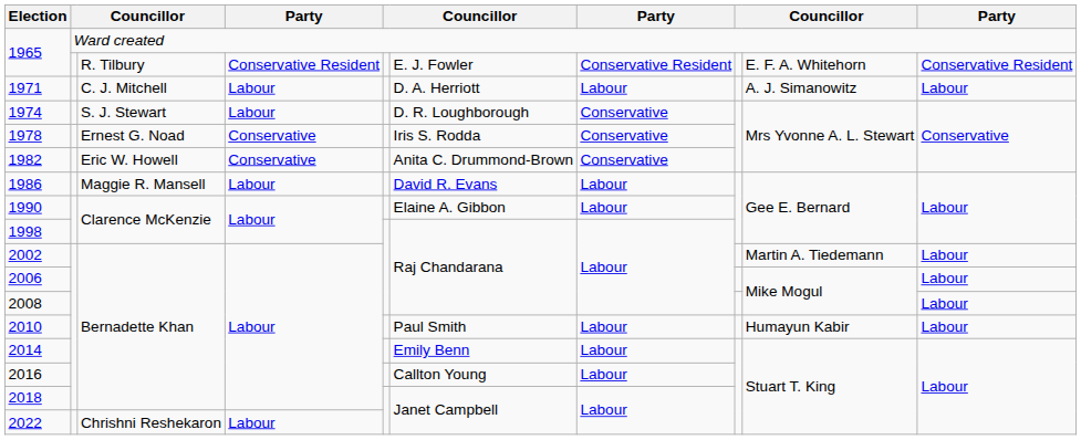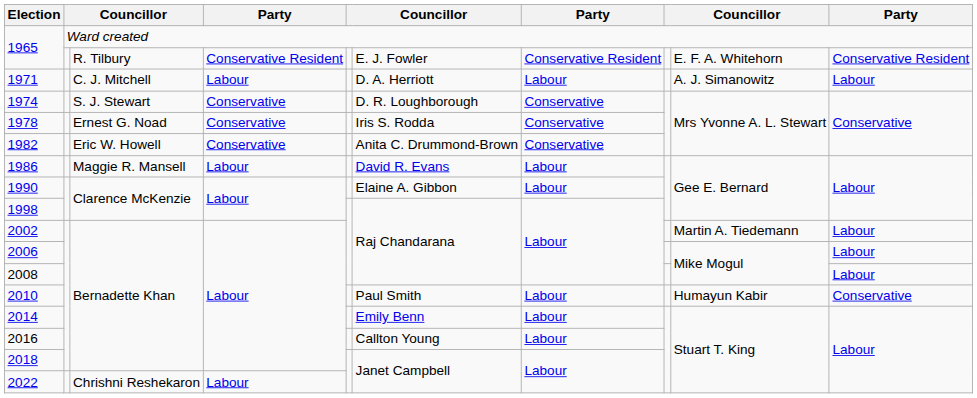 <table class="wikitable">
 <tr>
 <th>Election</th>
 <th colspan="2">Councillor</th>
 <th>Party</th>
 <th colspan="2">Councillor</th>
 <th>Party</th>
 <th colspan="2">Councillor</th>
 <th>Party</th>
 </tr>
 <tr>
 <td rowspan="2"><a href='#'>1965</a></td>
 <td colspan="13"><em>Ward created</em></td>
 </tr>
 <tr>
 <td style="background-color: "></td>
 <td>R. Tilbury</td>
 <td><a href='#'>Conservative Resident</a></td>
 <td style="background-color: "></td>
 <td>E. J. Fowler</td>
 <td><a href='#'>Conservative Resident</a></td>
 <td style="background-color: "></td>
 <td>E. F. A. Whitehorn</td>
 <td><a href='#'>Conservative Resident</a></td>
 </tr>
 <tr>
 <td><a href='#'>1971</a></td>
 <td style="background-color: "></td>
 <td>C. J. Mitchell</td>
 <td><a href='#'>Labour</a></td>
 <td style="background-color: "></td>
 <td>D. A. Herriott</td>
 <td><a href='#'>Labour</a></td>
 <td style="background-color: "></td>
 <td>A. J. Simanowitz</td>
 <td><a href='#'>Labour</a></td>
 </tr>
 <tr>
 <td><a href='#'>1974</a></td>
 <td style="background-color: "></td>
 <td>S. J. Stewart</td>
-<td><a href='#'>Labour</a></td>
+<td><a href='#'>Conservative</a></td>
 <td style="background-color: "></td>
 <td>D. R. Loughborough</td>
 <td><a href='#'>Conservative</a></td>
 <td rowspan="3" style="background-color: "></td>
 <td rowspan="3">Mrs Yvonne A. L. Stewart</td>
 <td rowspan="3"><a href='#'>Conservative</a></td>
 </tr>
 <tr>
 <td><a href='#'>1978</a></td>
 <td style="background-color: "></td>
 <td>Ernest G. Noad</td>
 <td><a href='#'>Conservative</a></td>
 <td style="background-color: "></td>
 <td>Iris S. Rodda</td>
 <td><a href='#'>Conservative</a></td>
 </tr>
 <tr>
 <td><a href='#'>1982</a></td>
 <td style="background-color: "></td>
 <td>Eric W. Howell</td>
 <td><a href='#'>Conservative</a></td>
 <td style="background-color: "></td>
 <td>Anita C. Drummond-Brown</td>
 <td><a href='#'>Conservative</a></td>
 </tr>
 <tr>
 <td><a href='#'>1986</a></td>
 <td style="background-color: "></td>
 <td>Maggie R. Mansell</td>
 <td><a href='#'>Labour</a></td>
 <td style="background-color: "></td>
 <td><a href='#'>David R. Evans</a></td>
 <td><a href='#'>Labour</a></td>
 <td rowspan="3" style="background-color: "></td>
 <td rowspan="3">Gee E. Bernard</td>
 <td rowspan="3"><a href='#'>Labour</a></td>
 </tr>
 <tr>
 <td><a href='#'>1990</a></td>
 <td rowspan="2" style="background-color: "></td>
 <td rowspan="2">Clarence McKenzie</td>
 <td rowspan="2"><a href='#'>Labour</a></td>
 <td style="background-color: "></td>
 <td>Elaine A. Gibbon</td>
 <td><a href='#'>Labour</a></td>
 </tr>
 <tr>
 <td><a href='#'>1998</a></td>
 <td rowspan="4" style="background-color: "></td>
 <td rowspan="4">Raj Chandarana</td>
 <td rowspan="4"><a href='#'>Labour</a></td>
 </tr>
 <tr>
 <td><a href='#'>2002</a></td>
 <td rowspan="7" style="background-color: "></td>
 <td rowspan="7">Bernadette Khan</td>
 <td rowspan="7"><a href='#'>Labour</a></td>
 <td style="background-color: "></td>
 <td>Martin A. Tiedemann</td>
 <td><a href='#'>Labour</a></td>
 </tr>
 <tr>
 <td><a href='#'>2006</a></td>
 <td style="background-color: "></td>
 <td rowspan="2">Mike Mogul</td>
 <td><a href='#'>Labour</a></td>
 </tr>
 <tr>
 <td>2008</td>
 <td style="background-color: "></td>
 <td><a href='#'>Labour</a></td>
 </tr>
 <tr>
 <td><a href='#'>2010</a></td>
 <td style="background-color: "></td>
 <td>Paul Smith</td>
 <td><a href='#'>Labour</a></td>
 <td style="background-color: "></td>
 <td>Humayun Kabir</td>
-<td><a href='#'>Labour</a></td>
+<td><a href='#'>Conservative</a></td>
 </tr>
 <tr>
 <td><a href='#'>2014</a></td>
 <td style="background-color: "></td>
 <td><a href='#'>Emily Benn</a></td>
 <td><a href='#'>Labour</a></td>
 <td rowspan="4" style="background-color: "></td>
 <td rowspan="4">Stuart T. King</td>
 <td rowspan="4"><a href='#'>Labour</a></td>
 </tr>
 <tr>
 <td>2016</td>
 <td style="background-color: "></td>
 <td>Callton Young</td>
 <td><a href='#'>Labour</a></td>
 </tr>
 <tr>
 <td><a href='#'>2018</a></td>
 <td rowspan="2" style="background-color: "></td>
 <td rowspan="2">Janet Campbell</td>
 <td rowspan="2"><a href='#'>Labour</a></td>
 </tr>
 <tr>
 <td><a href='#'>2022</a></td>
 <td style="background-color: "></td>
 <td>Chrishni Reshekaron</td>
 <td><a href='#'>Labour</a></td>
 </tr>
 </table>
